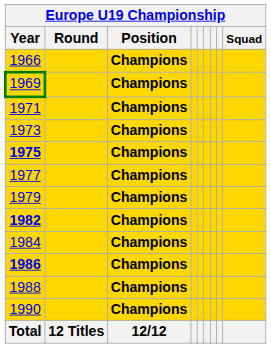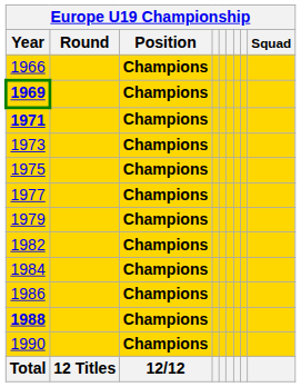 <table class="wikitable" style="text-align: center;">
 <tr>
 <th colspan=9><a href='#'>Europe U19 Championship</a></th>
 </tr>
 <tr>
 <th>Year</th>
 <th>Round</th>
 <th>Position</th>
 <th></th>
 <th></th>
 <th></th>
 <th></th>
 <th></th>
 <th><small>Squad</small></th>
 </tr>
 <tr bgcolor=gold>
 <td> <a href='#'>1966</a></td>
 <td></td>
 <td><strong>Champions</strong></td>
 <td></td>
 <td></td>
 <td></td>
 <td></td>
 <td></td>
 <td></td>
 </tr>
 <tr bgcolor=gold>
-<td style="border:3px solid green"> <a href='#'>1969</a></td>
+<td style="border:3px solid green"><strong> <a href='#'>1969</a></strong></td>
 <td></td>
 <td><strong>Champions</strong></td>
 <td></td>
 <td></td>
 <td></td>
 <td></td>
 <td></td>
 <td></td>
 </tr>
 <tr bgcolor=gold>
-<td> <a href='#'>1971</a></td>
+<td><strong> <a href='#'>1971</a></strong></td>
 <td></td>
 <td><strong>Champions</strong></td>
 <td></td>
 <td></td>
 <td></td>
 <td></td>
 <td></td>
 <td></td>
 </tr>
 <tr bgcolor=gold>
 <td> <a href='#'>1973</a></td>
 <td></td>
 <td><strong>Champions</strong></td>
 <td></td>
 <td></td>
 <td></td>
 <td></td>
 <td></td>
 <td></td>
 </tr>
 <tr bgcolor=gold>
-<td><strong> <a href='#'>1975</a></strong></td>
+<td> <a href='#'>1975</a></td>
 <td></td>
 <td><strong>Champions</strong></td>
 <td></td>
 <td></td>
 <td></td>
 <td></td>
 <td></td>
 <td></td>
 </tr>
 <tr bgcolor=gold>
 <td> <a href='#'>1977</a></td>
 <td></td>
 <td><strong>Champions</strong></td>
 <td></td>
 <td></td>
 <td></td>
 <td></td>
 <td></td>
 <td></td>
 </tr>
 <tr bgcolor=gold>
 <td> <a href='#'>1979</a></td>
 <td></td>
 <td><strong>Champions</strong></td>
 <td></td>
 <td></td>
 <td></td>
 <td></td>
 <td></td>
 <td></td>
 </tr>
 <tr bgcolor=gold>
-<td><strong> <a href='#'>1982</a></strong></td>
+<td> <a href='#'>1982</a></td>
 <td></td>
 <td><strong>Champions</strong></td>
 <td></td>
 <td></td>
 <td></td>
 <td></td>
 <td></td>
 <td></td>
 </tr>
 <tr bgcolor=gold>
 <td> <a href='#'>1984</a></td>
 <td></td>
 <td><strong>Champions</strong></td>
 <td></td>
 <td></td>
 <td></td>
 <td></td>
 <td></td>
 <td></td>
 </tr>
 <tr bgcolor=gold>
-<td><strong> <a href='#'>1986</a></strong></td>
+<td> <a href='#'>1986</a></td>
 <td></td>
 <td><strong>Champions</strong></td>
 <td></td>
 <td></td>
 <td></td>
 <td></td>
 <td></td>
 <td></td>
 </tr>
 <tr bgcolor=gold>
-<td> <a href='#'>1988</a></td>
+<td><strong> <a href='#'>1988</a></strong></td>
 <td></td>
 <td><strong>Champions</strong></td>
 <td></td>
 <td></td>
 <td></td>
 <td></td>
 <td></td>
 <td></td>
 </tr>
 <tr bgcolor=gold>
 <td> <a href='#'>1990</a></td>
 <td></td>
 <td><strong>Champions</strong></td>
 <td></td>
 <td></td>
 <td></td>
 <td></td>
 <td></td>
 <td></td>
 </tr>
 <tr>
 <th>Total</th>
 <th>12 Titles</th>
 <th>12/12</th>
 <th></th>
 <th></th>
 <th></th>
 <th></th>
 <th></th>
 <th></th>
 </tr>
 </table>
